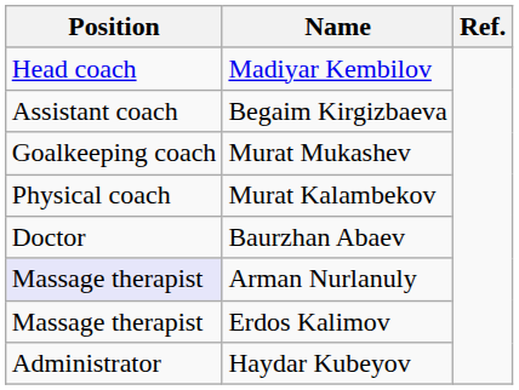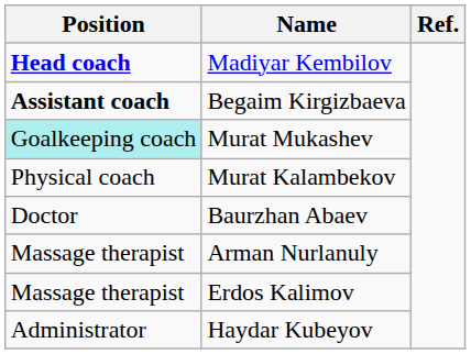 <table class="wikitable">
 <tr>
 <th>Position</th>
 <th>Name</th>
 <th>Ref.</th>
 </tr>
 <tr>
-<td><a href='#'>Head coach</a></td>
+<td><strong><a href='#'>Head coach</a></strong></td>
 <td> <a href='#'>Madiyar Kembilov</a></td>
 <td rowspan="8" align=center></td>
 </tr>
 <tr>
-<td>Assistant coach</td>
+<td><strong>Assistant coach</strong></td>
 <td> Begaim Kirgizbaeva</td>
 </tr>
 <tr>
-<td>Goalkeeping coach</td>
+<td style="background: paleturquoise;">Goalkeeping coach</td>
 <td> Murat Mukashev</td>
 </tr>
 <tr>
 <td>Physical coach</td>
 <td> Murat Kalambekov</td>
 </tr>
 <tr>
 <td>Doctor</td>
 <td> Baurzhan Abaev</td>
 </tr>
 <tr>
-<td style="background: lavender;">Massage therapist</td>
+<td>Massage therapist</td>
 <td> Arman Nurlanuly</td>
 </tr>
 <tr>
 <td>Massage therapist</td>
 <td> Erdos Kalimov</td>
 </tr>
 <tr>
 <td>Administrator</td>
 <td> Haydar Kubeyov</td>
 </tr>
 </table>
